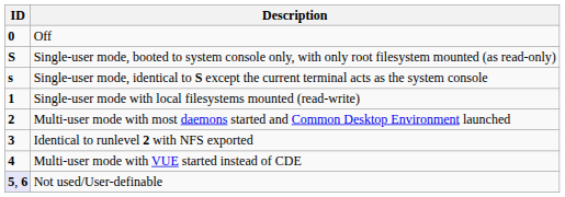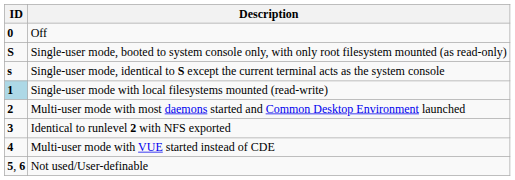 <table class="wikitable">
 <tr>
 <th>ID</th>
 <th>Description</th>
 </tr>
 <tr>
 <td><strong>0</strong></td>
 <td>Off</td>
 </tr>
 <tr>
 <td><strong>S</strong></td>
 <td>Single-user mode, booted to system console only, with only root filesystem mounted (as read-only)</td>
 </tr>
 <tr>
 <td><strong>s</strong></td>
 <td>Single-user mode, identical to <strong>S</strong> except the current terminal acts as the system console</td>
 </tr>
 <tr>
-<td><strong>1</strong></td>
+<td style="background: lightblue;"><strong>1</strong></td>
 <td>Single-user mode with local filesystems mounted (read-write)</td>
 </tr>
 <tr>
 <td><strong>2</strong></td>
 <td>Multi-user mode with most <a href='#'>daemons</a> started and <a href='#'>Common Desktop Environment</a> launched</td>
 </tr>
 <tr>
 <td><strong>3</strong></td>
 <td>Identical to runlevel <strong>2</strong> with NFS exported</td>
 </tr>
 <tr>
 <td><strong>4</strong></td>
 <td>Multi-user mode with <a href='#'>VUE</a> started instead of CDE</td>
 </tr>
 <tr>
-<td style="background: lavender;"><strong>5</strong>, <strong>6</strong></td>
+<td><strong>5</strong>, <strong>6</strong></td>
 <td>Not used/User-definable</td>
 </tr>
 </table>
